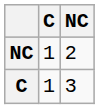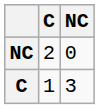 <table class="wikitable">
 <tr>
 <th></th>
 <th>C</th>
 <th>NC</th>
 </tr>
 <tr>
 <th>NC</th>
-<td>1</td>
 <td>2</td>
+<td>0</td>
 </tr>
 <tr>
 <th>C</th>
 <td>1</td>
 <td>3</td>
 </tr>
 </table>
